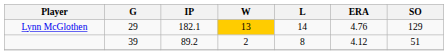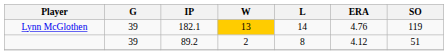 <table class="wikitable sortable">
 <tr>
 <th bgcolor="#DDDDFF" width="16%">Player</th>
 <th bgcolor="#DDDDFF" width="9%">G</th>
 <th bgcolor="#DDDDFF" width="9%">IP</th>
 <th bgcolor="#DDDDFF" width="9%">W</th>
 <th bgcolor="#DDDDFF" width="9%">L</th>
 <th bgcolor="#DDDDFF" width="9%">ERA</th>
 <th bgcolor="#DDDDFF" width="9%">SO</th>
 </tr>
 <tr align="center">
 <td><a href='#'>Lynn McGlothen</a></td>
-<td>29</td>
+<td>39</td>
 <td>182.1</td>
 <td style="background:#fc0;">13</td>
 <td>14</td>
 <td>4.76</td>
-<td>129</td>
+<td>119</td>
 </tr>
 <tr align=center>
 <td></td>
 <td>39</td>
 <td>89.2</td>
 <td>2</td>
 <td>8</td>
 <td>4.12</td>
 <td>51</td>
 </tr>
 <tr align="center">
 </tr>
 </table>
